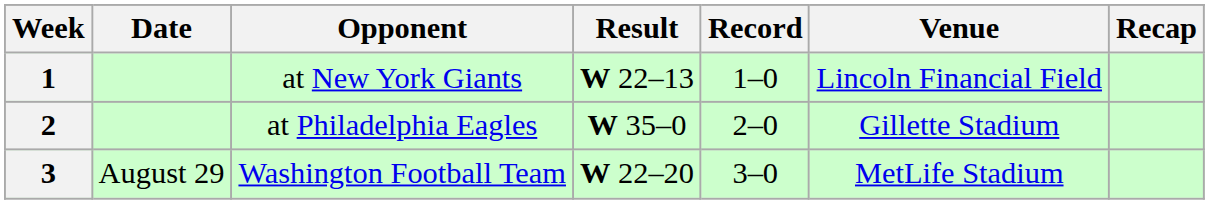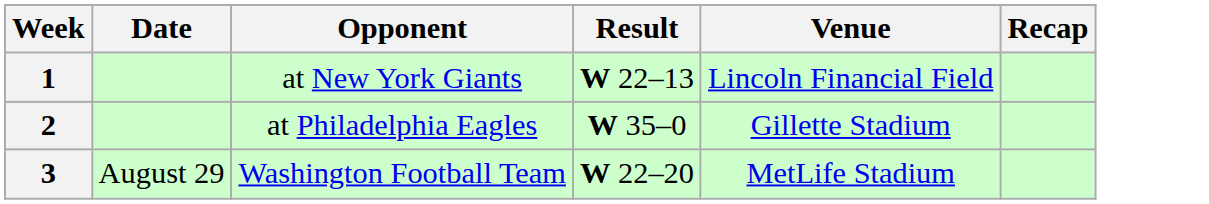 <table class="wikitable" style="text-align:center">
 <tr>
 <th>Week</th>
 <th>Date</th>
 <th>Opponent</th>
 <th>Result</th>
-<th>Record</th>
 <th>Venue</th>
 <th>Recap</th>
 </tr>
 <tr style="background:#cfc">
 <th>1</th>
 <td></td>
 <td>at <a href='#'>New York Giants</a></td>
 <td><strong>W</strong> 22–13</td>
-<td>1–0</td>
 <td><a href='#'>Lincoln Financial Field</a></td>
 <td></td>
 </tr>
 <tr style="background:#cfc">
 <th>2</th>
 <td></td>
 <td>at <a href='#'>Philadelphia Eagles</a></td>
 <td><strong>W</strong> 35–0</td>
-<td>2–0</td>
 <td><a href='#'>Gillette Stadium</a></td>
 <td></td>
 </tr>
 <tr style="background:#cfc">
 <th>3</th>
 <td>August 29</td>
 <td><a href='#'>Washington Football Team</a></td>
 <td><strong>W</strong> 22–20</td>
-<td>3–0</td>
 <td><a href='#'>MetLife Stadium</a></td>
 <td></td>
 </tr>
 </table>
